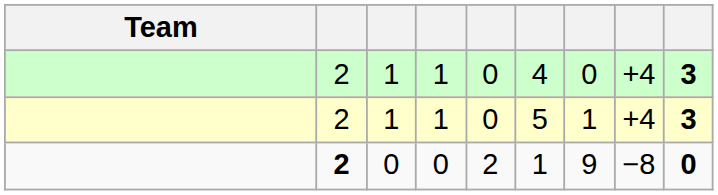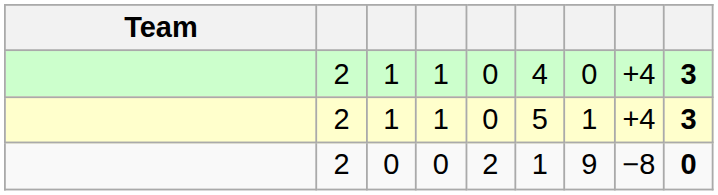 <table class="wikitable" style="text-align:center">
 <tr>
 <th width=165>Team</th>
 <th width=20></th>
 <th width=20></th>
 <th width=20></th>
 <th width=20></th>
 <th width=20></th>
 <th width=20></th>
 <th width=20></th>
 <th width=20></th>
 </tr>
 <tr bgcolor=ccffcc>
 <td align=left></td>
 <td>2</td>
 <td>1</td>
 <td>1</td>
 <td>0</td>
 <td>4</td>
 <td>0</td>
 <td>+4</td>
 <td><strong>3</strong></td>
 </tr>
 <tr bgcolor=ffffcc>
 <td align=left></td>
 <td>2</td>
 <td>1</td>
 <td>1</td>
 <td>0</td>
 <td>5</td>
 <td>1</td>
 <td>+4</td>
 <td><strong>3</strong></td>
 </tr>
 <tr>
 <td align=left></td>
-<td><strong>2</strong></td>
+<td>2</td>
 <td>0</td>
 <td>0</td>
 <td>2</td>
 <td>1</td>
 <td>9</td>
 <td>−8</td>
 <td><strong>0</strong></td>
 </tr>
 </table>
